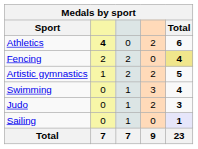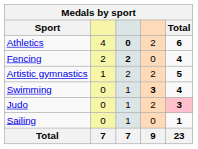 <table class="wikitable" style="font-size:90%; text-align:center;">
 <tr>
 <th colspan=5>Medals by sport</th>
 </tr>
 <tr>
 <th width=120>Sport</th>
 <th scope="col" width=30 style="background:#F7F6A8;"></th>
 <th scope="col" width=30 style="background:#DCE5E5;"></th>
 <th scope="col" width=30 style="background:#FFDAB9;"></th>
 <th width=30>Total</th>
 </tr>
 <tr>
 <td align=left><a href='#'>Athletics</a></td>
-<td style="background:#F7F6A8;"><strong>4</strong></td>
-<td style="background:#DCE5E5;">0</td>
+<td style="background:#F7F6A8;">4</td>
+<td style="background:#DCE5E5;"><strong>0</strong></td>
 <td style="background:#FFDAB9;">2</td>
 <td><strong>6</strong></td>
 </tr>
 <tr>
 <td align=left><a href='#'>Fencing</a></td>
 <td style="background:#F7F6A8;">2</td>
-<td style="background:#DCE5E5;">2</td>
+<td style="background:#DCE5E5;"><strong>2</strong></td>
 <td style="background:#FFDAB9;">0</td>
-<td style="background: khaki;"><strong>4</strong></td>
+<td><strong>4</strong></td>
 </tr>
 <tr>
 <td align=left><a href='#'>Artistic gymnastics</a></td>
 <td style="background:#F7F6A8;">1</td>
 <td style="background:#DCE5E5;">2</td>
 <td style="background:#FFDAB9;">2</td>
 <td><strong>5</strong></td>
 </tr>
 <tr>
 <td align=left><a href='#'>Swimming</a></td>
 <td style="background:#F7F6A8;">0</td>
 <td style="background:#DCE5E5;">1</td>
-<td style="background:#FFDAB9;">3</td>
+<td style="background:#FFDAB9;"><strong>3</strong></td>
 <td><strong>4</strong></td>
 </tr>
 <tr>
 <td align=left><a href='#'>Judo</a></td>
 <td style="background:#F7F6A8;">0</td>
 <td style="background:#DCE5E5;">1</td>
 <td style="background:#FFDAB9;">2</td>
-<td><strong>3</strong></td>
+<td style="background: pink;"><strong>3</strong></td>
 </tr>
 <tr>
 <td align=left><a href='#'>Sailing</a></td>
 <td style="background:#F7F6A8;">0</td>
 <td style="background:#DCE5E5;">1</td>
 <td style="background:#FFDAB9;">0</td>
-<td style="background: lavender;"><strong>1</strong></td>
+<td><strong>1</strong></td>
 </tr>
 <tr class="sortbottom">
 <th>Total</th>
 <th>7</th>
 <th>7</th>
 <th>9</th>
 <th>23</th>
 </tr>
 </table>
